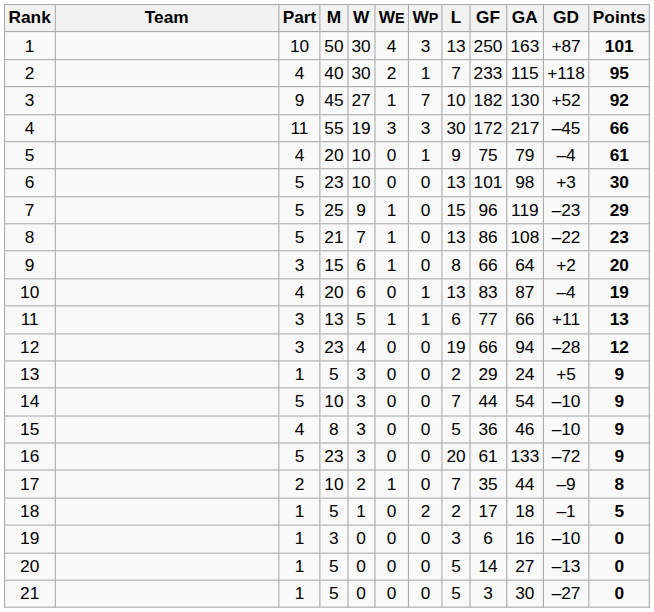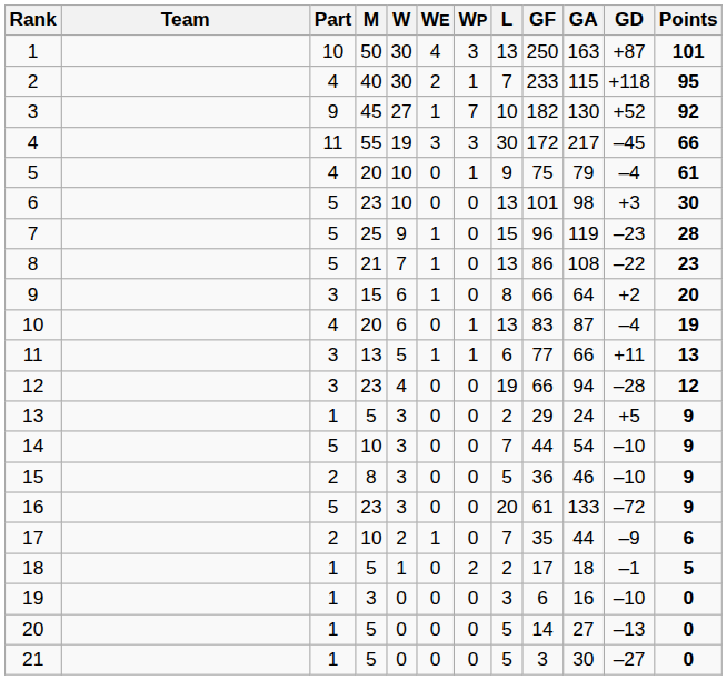 <table class="wikitable sortable" style="text-align:center">
 <tr>
 <th>Rank</th>
 <th width=200>Team</th>
 <th>Part</th>
 <th>M</th>
 <th>W</th>
 <th>W<small>E</small></th>
 <th>W<small>P</small></th>
 <th>L</th>
 <th>GF</th>
 <th>GA</th>
 <th>GD</th>
 <th>Points</th>
 </tr>
 <tr>
 <td>1</td>
 <td align=left></td>
 <td>10</td>
 <td>50</td>
 <td>30</td>
 <td>4</td>
 <td>3</td>
 <td>13</td>
 <td>250</td>
 <td>163</td>
 <td>+87</td>
 <td><strong>101</strong></td>
 </tr>
 <tr>
 <td>2</td>
 <td align=left></td>
 <td>4</td>
 <td>40</td>
 <td>30</td>
 <td>2</td>
 <td>1</td>
 <td>7</td>
 <td>233</td>
 <td>115</td>
 <td>+118</td>
 <td><strong>95</strong></td>
 </tr>
 <tr>
 <td>3</td>
 <td align=left></td>
 <td>9</td>
 <td>45</td>
 <td>27</td>
 <td>1</td>
 <td>7</td>
 <td>10</td>
 <td>182</td>
 <td>130</td>
 <td>+52</td>
 <td><strong>92</strong></td>
 </tr>
 <tr>
 <td>4</td>
 <td align=left></td>
 <td>11</td>
 <td>55</td>
 <td>19</td>
 <td>3</td>
 <td>3</td>
 <td>30</td>
 <td>172</td>
 <td>217</td>
 <td>–45</td>
 <td><strong>66</strong></td>
 </tr>
 <tr>
 <td>5</td>
 <td align=left></td>
 <td>4</td>
 <td>20</td>
 <td>10</td>
 <td>0</td>
 <td>1</td>
 <td>9</td>
 <td>75</td>
 <td>79</td>
 <td>–4</td>
 <td><strong>61</strong></td>
 </tr>
 <tr>
 <td>6</td>
 <td align=left></td>
 <td>5</td>
 <td>23</td>
 <td>10</td>
 <td>0</td>
 <td>0</td>
 <td>13</td>
 <td>101</td>
 <td>98</td>
 <td>+3</td>
 <td><strong>30</strong></td>
 </tr>
 <tr>
 <td>7</td>
 <td align=left></td>
 <td>5</td>
 <td>25</td>
 <td>9</td>
 <td>1</td>
 <td>0</td>
 <td>15</td>
 <td>96</td>
 <td>119</td>
 <td>–23</td>
-<td><strong>29</strong></td>
+<td><strong>28</strong></td>
 </tr>
 <tr>
 <td>8</td>
 <td align=left></td>
 <td>5</td>
 <td>21</td>
 <td>7</td>
 <td>1</td>
 <td>0</td>
 <td>13</td>
 <td>86</td>
 <td>108</td>
 <td>–22</td>
 <td><strong>23</strong></td>
 </tr>
 <tr>
 <td>9</td>
 <td align=left></td>
 <td>3</td>
 <td>15</td>
 <td>6</td>
 <td>1</td>
 <td>0</td>
 <td>8</td>
 <td>66</td>
 <td>64</td>
 <td>+2</td>
 <td><strong>20</strong></td>
 </tr>
 <tr>
 <td>10</td>
 <td align=left></td>
 <td>4</td>
 <td>20</td>
 <td>6</td>
 <td>0</td>
 <td>1</td>
 <td>13</td>
 <td>83</td>
 <td>87</td>
 <td>–4</td>
 <td><strong>19</strong></td>
 </tr>
 <tr>
 <td>11</td>
 <td align=left></td>
 <td>3</td>
 <td>13</td>
 <td>5</td>
 <td>1</td>
 <td>1</td>
 <td>6</td>
 <td>77</td>
 <td>66</td>
 <td>+11</td>
 <td><strong>13</strong></td>
 </tr>
 <tr>
 <td>12</td>
 <td align=left></td>
 <td>3</td>
 <td>23</td>
 <td>4</td>
 <td>0</td>
 <td>0</td>
 <td>19</td>
 <td>66</td>
 <td>94</td>
 <td>–28</td>
 <td><strong>12</strong></td>
 </tr>
 <tr>
 <td>13</td>
 <td align=left></td>
 <td>1</td>
 <td>5</td>
 <td>3</td>
 <td>0</td>
 <td>0</td>
 <td>2</td>
 <td>29</td>
 <td>24</td>
 <td>+5</td>
 <td><strong>9</strong></td>
 </tr>
 <tr>
 <td>14</td>
 <td align=left></td>
 <td>5</td>
 <td>10</td>
 <td>3</td>
 <td>0</td>
 <td>0</td>
 <td>7</td>
 <td>44</td>
 <td>54</td>
 <td>–10</td>
 <td><strong>9</strong></td>
 </tr>
 <tr>
 <td>15</td>
 <td align=left></td>
-<td>4</td>
+<td>2</td>
 <td>8</td>
 <td>3</td>
 <td>0</td>
 <td>0</td>
 <td>5</td>
 <td>36</td>
 <td>46</td>
 <td>–10</td>
 <td><strong>9</strong></td>
 </tr>
 <tr>
 <td>16</td>
 <td align=left></td>
 <td>5</td>
 <td>23</td>
 <td>3</td>
 <td>0</td>
 <td>0</td>
 <td>20</td>
 <td>61</td>
 <td>133</td>
 <td>–72</td>
 <td><strong>9</strong></td>
 </tr>
 <tr>
 <td>17</td>
 <td align=left></td>
 <td>2</td>
 <td>10</td>
 <td>2</td>
 <td>1</td>
 <td>0</td>
 <td>7</td>
 <td>35</td>
 <td>44</td>
 <td>–9</td>
-<td><strong>8</strong></td>
+<td><strong>6</strong></td>
 </tr>
 <tr>
 <td>18</td>
 <td align=left></td>
 <td>1</td>
 <td>5</td>
 <td>1</td>
 <td>0</td>
 <td>2</td>
 <td>2</td>
 <td>17</td>
 <td>18</td>
 <td>–1</td>
 <td><strong>5</strong></td>
 </tr>
 <tr>
 <td>19</td>
 <td align=left></td>
 <td>1</td>
 <td>3</td>
 <td>0</td>
 <td>0</td>
 <td>0</td>
 <td>3</td>
 <td>6</td>
 <td>16</td>
 <td>–10</td>
 <td><strong>0</strong></td>
 </tr>
 <tr>
 <td>20</td>
 <td align=left></td>
 <td>1</td>
 <td>5</td>
 <td>0</td>
 <td>0</td>
 <td>0</td>
 <td>5</td>
 <td>14</td>
 <td>27</td>
 <td>–13</td>
 <td><strong>0</strong></td>
 </tr>
 <tr>
 <td>21</td>
 <td align=left></td>
 <td>1</td>
 <td>5</td>
 <td>0</td>
 <td>0</td>
 <td>0</td>
 <td>5</td>
 <td>3</td>
 <td>30</td>
 <td>–27</td>
 <td><strong>0</strong></td>
 </tr>
 </table>
